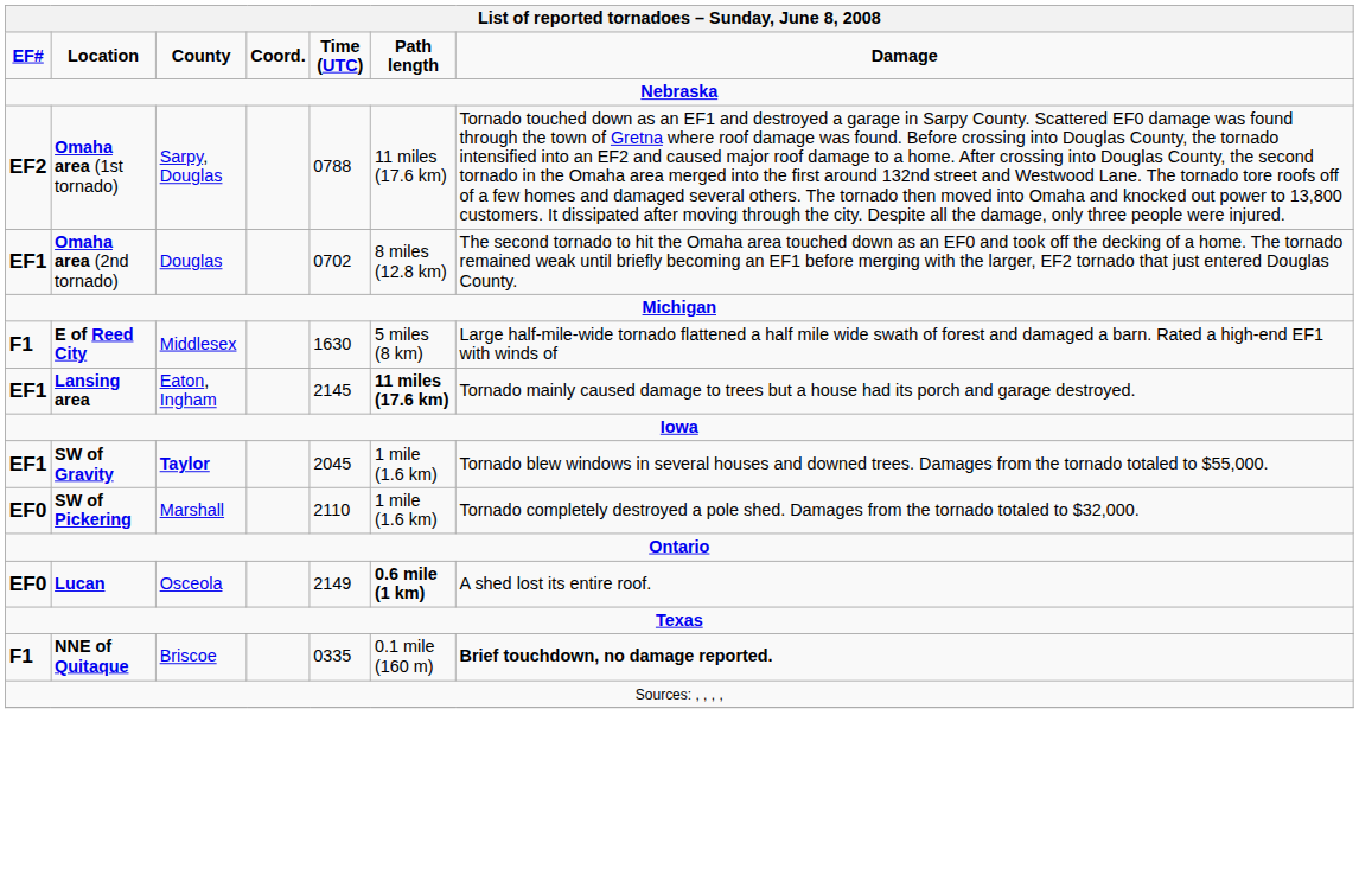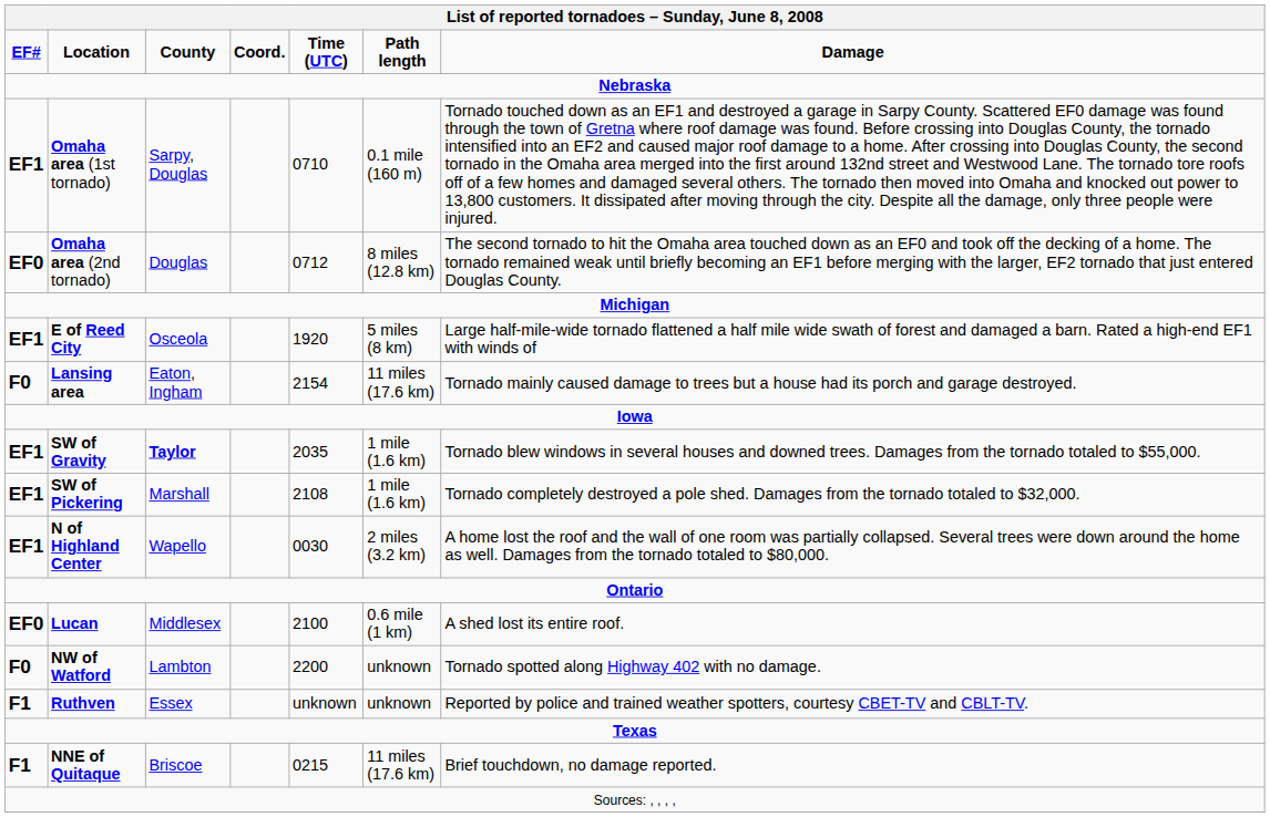 <table class="wikitable collapsible" width="100%">
 <tr>
 <th colspan="7">List of reported tornadoes – Sunday, June 8, 2008</th>
 </tr>
 <tr>
 <td style="text-align:center;"><strong><a href='#'>EF#</a></strong></td>
 <td style="text-align:center;"><strong>Location</strong></td>
 <td style="text-align:center;"><strong>County</strong></td>
 <td style="text-align:center;"><strong>Coord.</strong></td>
 <td style="text-align:center;"><strong>Time (<a href='#'>UTC</a>)</strong></td>
 <td style="text-align:center;"><strong>Path length</strong></td>
 <td style="text-align:center;"><strong>Damage</strong></td>
 </tr>
 <tr>
 <td colspan="7" align=center><strong><a href='#'>Nebraska</a></strong></td>
 </tr>
 <tr>
-<td><big><strong>EF2</strong></big></td>
+<td><big><strong>EF1</strong></big></td>
 <td><strong><a href='#'>Omaha</a> area</strong> (1st tornado)</td>
 <td><a href='#'>Sarpy</a>, <a href='#'>Douglas</a></td>
 <td></td>
-<td>0788</td>
-<td>11 miles<br>(17.6 km)</td>
+<td>0710</td>
+<td>0.1 mile<br>(160 m)</td>
 <td>Tornado touched down as an EF1 and destroyed a garage in Sarpy County. Scattered EF0 damage was found through the town of <a href='#'>Gretna</a> where roof damage was found. Before crossing into Douglas County, the tornado intensified into an EF2 and caused major roof damage to a home. After crossing into Douglas County, the second tornado in the Omaha area merged into the first around 132nd street and Westwood Lane. The tornado tore roofs off of a few homes and damaged several others. The tornado then moved into Omaha and knocked out power to 13,800 customers. It dissipated after moving through the city. Despite all the damage, only three people were injured.</td>
 </tr>
 <tr>
-<td><big><strong>EF1</strong></big></td>
+<td><big><strong>EF0</strong></big></td>
 <td><strong><a href='#'>Omaha</a> area</strong> (2nd tornado)</td>
 <td><a href='#'>Douglas</a></td>
 <td></td>
-<td>0702</td>
+<td>0712</td>
 <td>8 miles<br>(12.8 km)</td>
 <td>The second tornado to hit the Omaha area touched down as an EF0 and took off the decking of a home. The tornado remained weak until briefly becoming an EF1 before merging with the larger, EF2 tornado that just entered Douglas County.</td>
 </tr>
 <tr>
 <td colspan="7" align=center><strong><a href='#'>Michigan</a></strong></td>
 </tr>
 <tr>
-<td><big><strong>F1</strong></big></td>
+<td><big><strong>EF1</strong></big></td>
 <td><strong>E of <a href='#'>Reed City</a></strong></td>
-<td><a href='#'>Middlesex</a></td>
+<td><a href='#'>Osceola</a></td>
 <td></td>
-<td>1630</td>
+<td>1920</td>
 <td>5 miles<br>(8 km)</td>
 <td>Large half-mile-wide tornado flattened a half mile wide swath of forest and damaged a barn. Rated a high-end EF1 with winds of </td>
 </tr>
 <tr>
-<td><big><strong>EF1</strong></big></td>
+<td><big><strong>F0</strong></big></td>
 <td><strong><a href='#'>Lansing</a> area</strong></td>
 <td><a href='#'>Eaton</a>, <a href='#'>Ingham</a></td>
 <td></td>
-<td>2145</td>
-<td><strong>11 miles<br>(17.6 km)</strong></td>
+<td>2154</td>
+<td>11 miles<br>(17.6 km)</td>
 <td>Tornado mainly caused damage to trees but a house had its porch and garage destroyed.</td>
 </tr>
 <tr>
 <td colspan="7" align=center><strong><a href='#'>Iowa</a></strong></td>
 </tr>
 <tr>
 <td><big><strong>EF1</strong></big></td>
 <td><strong>SW of <a href='#'>Gravity</a></strong></td>
 <td><strong><a href='#'>Taylor</a></strong></td>
 <td></td>
-<td>2045</td>
+<td>2035</td>
 <td>1 mile<br>(1.6 km)</td>
 <td>Tornado blew windows in several houses and downed trees. Damages from the tornado totaled to $55,000.</td>
 </tr>
 <tr>
-<td><big><strong>EF0</strong></big></td>
+<td><big><strong>EF1</strong></big></td>
 <td><strong>SW of <a href='#'>Pickering</a></strong></td>
 <td><a href='#'>Marshall</a></td>
 <td></td>
-<td>2110</td>
+<td>2108</td>
 <td>1 mile<br>(1.6 km)</td>
 <td>Tornado completely destroyed a pole shed. Damages from the tornado totaled to $32,000.</td>
+</tr>
+<tr>
+<td><big><strong>EF1</strong></big></td>
+<td><strong>N of <a href='#'>Highland Center</a></strong></td>
+<td><a href='#'>Wapello</a></td>
+<td></td>
+<td>0030</td>
+<td>2 miles<br>(3.2 km)</td>
+<td>A home lost the roof and the wall of one room was partially collapsed. Several trees were down around the home as well. Damages from the tornado totaled to $80,000.</td>
 </tr>
 <tr>
 <td colspan="7" align=center><strong><a href='#'>Ontario</a></strong></td>
 </tr>
 <tr>
 <td><big><strong>EF0</strong></big></td>
 <td><strong><a href='#'>Lucan</a></strong></td>
-<td><a href='#'>Osceola</a></td>
+<td><a href='#'>Middlesex</a></td>
 <td></td>
-<td>2149</td>
-<td><strong>0.6 mile<br>(1 km)</strong></td>
+<td>2100</td>
+<td>0.6 mile<br>(1 km)</td>
 <td>A shed lost its entire roof.</td>
+</tr>
+<tr>
+<td><big><strong>F0</strong></big></td>
+<td><strong>NW of <a href='#'>Watford</a></strong></td>
+<td><a href='#'>Lambton</a></td>
+<td></td>
+<td>2200</td>
+<td>unknown</td>
+<td>Tornado spotted along <a href='#'>Highway 402</a> with no damage.</td>
+</tr>
+<tr>
+<td><big><strong>F1</strong></big></td>
+<td><strong><a href='#'>Ruthven</a></strong></td>
+<td><a href='#'>Essex</a></td>
+<td></td>
+<td>unknown</td>
+<td>unknown</td>
+<td>Reported by police and trained weather spotters, courtesy <a href='#'>CBET-TV</a> and <a href='#'>CBLT-TV</a>.</td>
 </tr>
 <tr>
 <td colspan="7" align=center><strong><a href='#'>Texas</a></strong></td>
 </tr>
 <tr>
 <td><big><strong>F1</strong></big></td>
 <td><strong>NNE of <a href='#'>Quitaque</a></strong></td>
 <td><a href='#'>Briscoe</a></td>
 <td></td>
-<td>0335</td>
-<td>0.1 mile<br>(160 m)</td>
-<td><strong>Brief touchdown, no damage reported.</strong></td>
+<td>0215</td>
+<td>11 miles<br>(17.6 km)</td>
+<td>Brief touchdown, no damage reported.</td>
 </tr>
 <tr>
 <td colspan="7" align=center><small>Sources: , , , ,  </small></td>
 </tr>
 <tr>
 </tr>
 </table>
